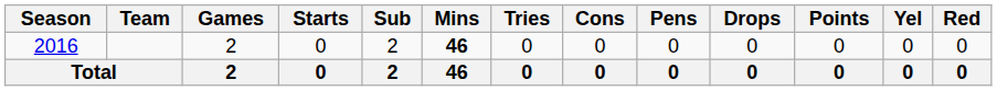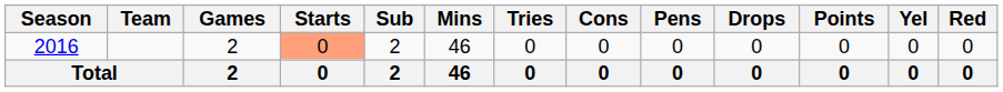 <table class="wikitable" style="text-align:center; line-height:90%; font-size:95%; width:60%;">
 <tr>
 <th>Season</th>
 <th>Team</th>
 <th>Games</th>
 <th>Starts</th>
 <th>Sub</th>
 <th>Mins</th>
 <th>Tries</th>
 <th>Cons</th>
 <th>Pens</th>
 <th>Drops</th>
 <th>Points</th>
 <th>Yel</th>
 <th>Red</th>
 </tr>
 <tr>
 <td><a href='#'>2016</a></td>
 <td></td>
 <td>2</td>
-<td>0</td>
+<td style="background: lightsalmon;">0</td>
 <td>2</td>
-<td><strong>46</strong></td>
+<td>46</td>
 <td>0</td>
 <td>0</td>
 <td>0</td>
 <td>0</td>
 <td>0</td>
 <td>0</td>
 <td>0</td>
 </tr>
 <tr>
 <th colspan="2">Total</th>
 <th>2</th>
 <th>0</th>
 <th>2</th>
 <th>46</th>
 <th>0</th>
 <th>0</th>
 <th>0</th>
 <th>0</th>
 <th>0</th>
 <th>0</th>
 <th>0</th>
 </tr>
 </table>
